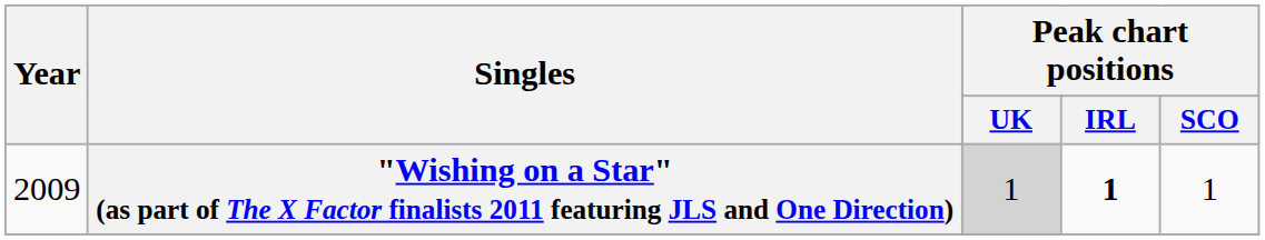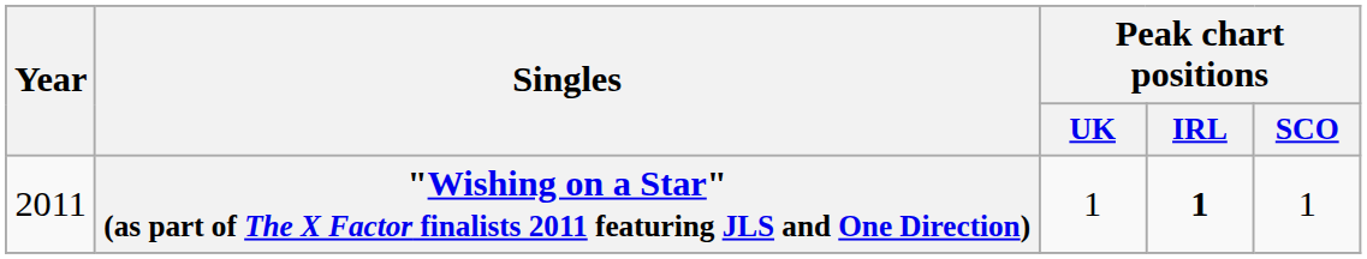 <table class="wikitable plainrowheaders" style="text-align:center;">
 <tr>
 <th scope="col" rowspan="2">Year</th>
 <th scope="col" rowspan="2">Singles</th>
 <th scope="col" colspan="3">Peak chart positions</th>
 </tr>
 <tr>
 <th scope="col" style="width:3em;font-size:85%;"><a href='#'>UK</a></th>
 <th scope="col" style="width:3em;font-size:85%;"><a href='#'>IRL</a></th>
 <th scope="col" style="width:3em;font-size:85%;"><a href='#'>SCO</a></th>
 </tr>
 <tr>
-<td>2009</td>
+<td>2011</td>
 <th scope="row">"<a href='#'>Wishing on a Star</a>"<br><small>(as part of <a href='#'><em>The X Factor</em> finalists 2011</a> featuring <a href='#'>JLS</a> and <a href='#'>One Direction</a>)</small></th>
-<td style="background: lightgrey;">1</td>
+<td>1</td>
 <td><strong>1</strong></td>
 <td>1</td>
 </tr>
 </table>
